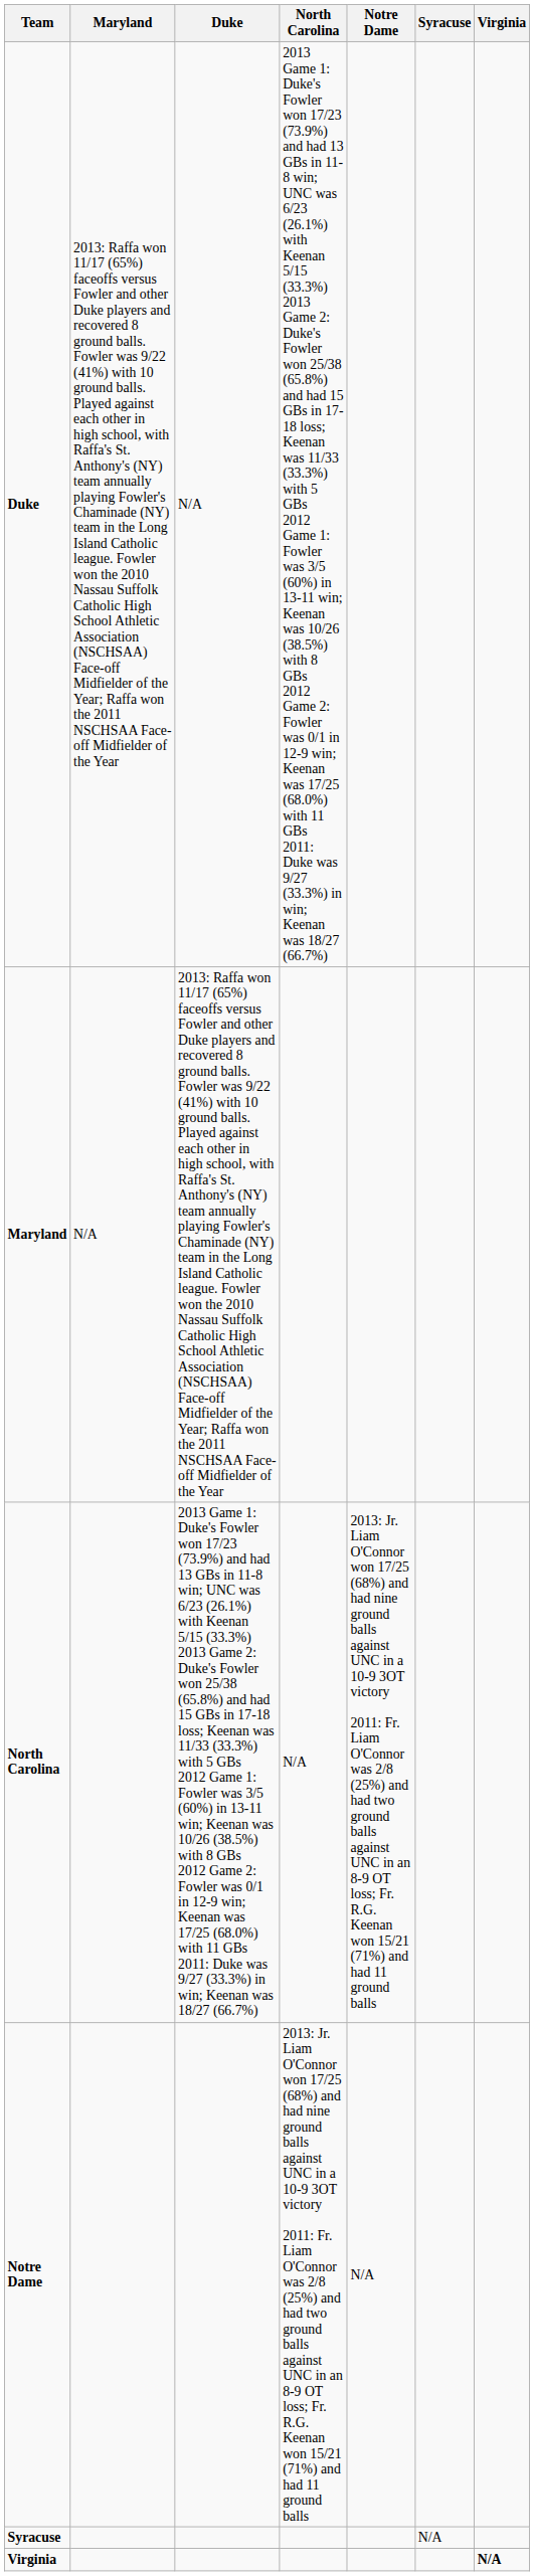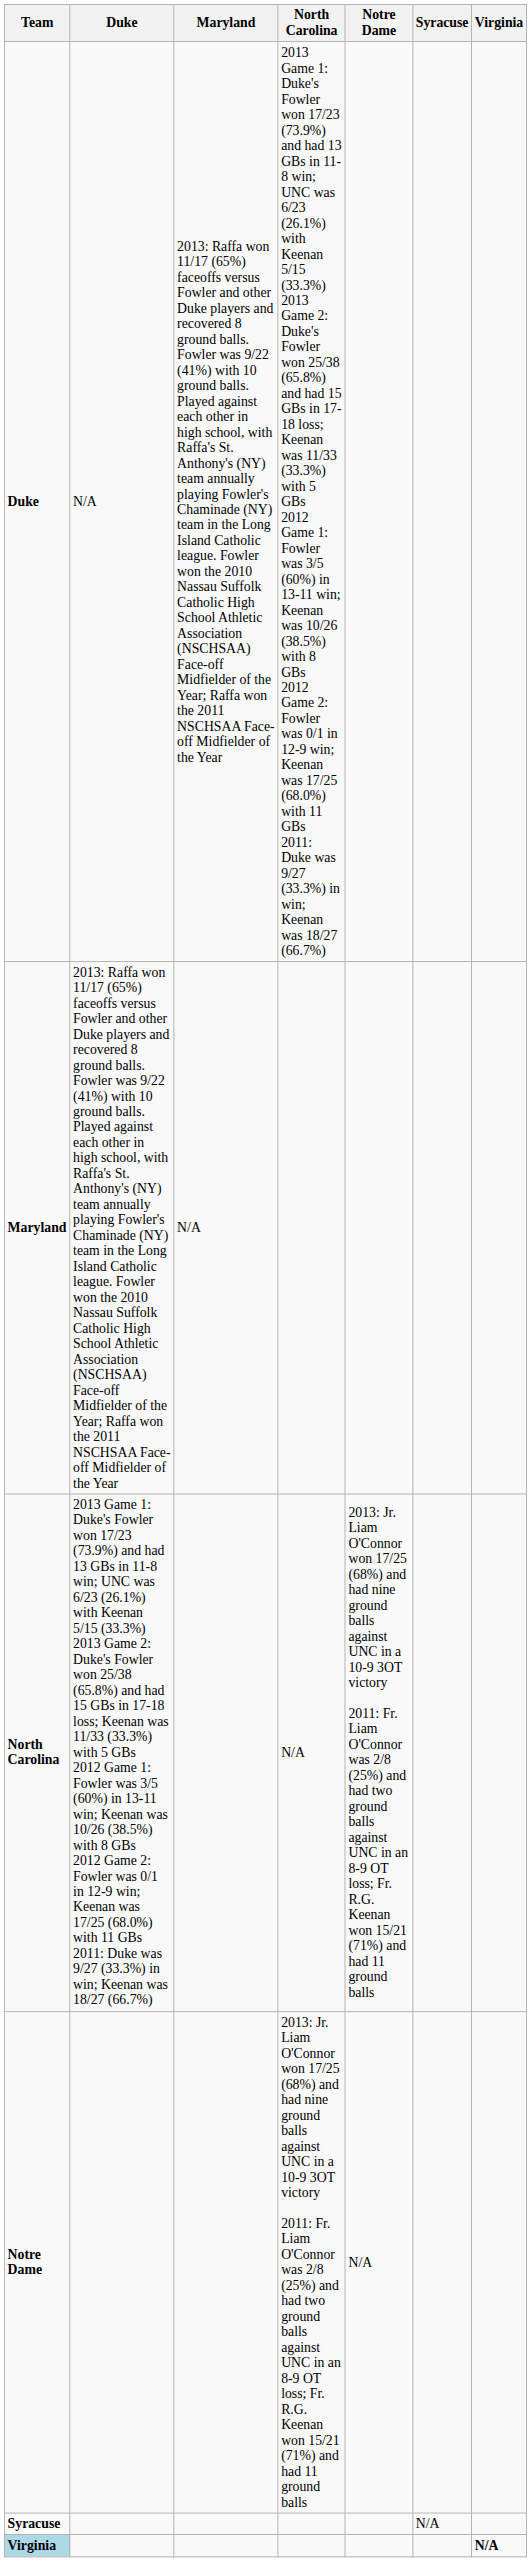 <table class="wikitable">
 <tr ;>
 <th>Team</th>
+<th>Duke</th>
 <th>Maryland</th>
-<th>Duke</th>
 <th>North Carolina</th>
 <th>Notre Dame</th>
 <th>Syracuse</th>
 <th>Virginia</th>
 </tr>
 <tr>
 <td><strong>Duke</strong></td>
+<td>N/A</td>
 <td>2013: Raffa won 11/17 (65%) faceoffs versus Fowler and other Duke players and recovered 8 ground balls. Fowler was 9/22 (41%) with 10 ground balls. Played against each other in high school, with Raffa's St. Anthony's (NY) team annually playing Fowler's Chaminade (NY) team in the Long Island Catholic league. Fowler won the 2010 Nassau Suffolk Catholic High School Athletic Association (NSCHSAA) Face-off Midfielder of the Year; Raffa won the 2011 NSCHSAA Face-off Midfielder of the Year</td>
-<td>N/A</td>
 <td>2013 Game 1: Duke's Fowler won 17/23 (73.9%) and had 13 GBs in 11-8 win; UNC was 6/23 (26.1%) with Keenan 5/15 (33.3%)<br>2013 Game 2: Duke's Fowler won 25/38 (65.8%) and had 15 GBs in 17-18 loss; Keenan was 11/33 (33.3%) with 5 GBs <br>2012 Game 1: Fowler was 3/5 (60%) in 13-11 win; Keenan was 10/26 (38.5%) with 8 GBs<br>2012 Game 2: Fowler was 0/1 in 12-9 win; Keenan was 17/25 (68.0%) with 11 GBs<br>2011: Duke was 9/27 (33.3%) in win; Keenan was 18/27 (66.7%)</td>
 <td></td>
 <td></td>
 <td></td>
 </tr>
 <tr>
 <td><strong>Maryland</strong></td>
+<td>2013: Raffa won 11/17 (65%) faceoffs versus Fowler and other Duke players and recovered 8 ground balls. Fowler was 9/22 (41%) with 10 ground balls. Played against each other in high school, with Raffa's St. Anthony's (NY) team annually playing Fowler's Chaminade (NY) team in the Long Island Catholic league. Fowler won the 2010 Nassau Suffolk Catholic High School Athletic Association (NSCHSAA) Face-off Midfielder of the Year; Raffa won the 2011 NSCHSAA Face-off Midfielder of the Year</td>
 <td>N/A</td>
-<td>2013: Raffa won 11/17 (65%) faceoffs versus Fowler and other Duke players and recovered 8 ground balls. Fowler was 9/22 (41%) with 10 ground balls. Played against each other in high school, with Raffa's St. Anthony's (NY) team annually playing Fowler's Chaminade (NY) team in the Long Island Catholic league. Fowler won the 2010 Nassau Suffolk Catholic High School Athletic Association (NSCHSAA) Face-off Midfielder of the Year; Raffa won the 2011 NSCHSAA Face-off Midfielder of the Year</td>
 <td></td>
 <td></td>
 <td></td>
 <td></td>
 </tr>
 <tr>
 <td><strong>North Carolina</strong></td>
+<td>2013 Game 1: Duke's Fowler won 17/23 (73.9%) and had 13 GBs in 11-8 win; UNC was 6/23 (26.1%) with Keenan 5/15 (33.3%)<br>2013 Game 2: Duke's Fowler won 25/38 (65.8%) and had 15 GBs in 17-18 loss; Keenan was 11/33 (33.3%) with 5 GBs <br>2012 Game 1: Fowler was 3/5 (60%) in 13-11 win; Keenan was 10/26 (38.5%) with 8 GBs<br>2012 Game 2: Fowler was 0/1 in 12-9 win; Keenan was 17/25 (68.0%) with 11 GBs<br>2011: Duke was 9/27 (33.3%) in win; Keenan was 18/27 (66.7%)</td>
 <td></td>
-<td>2013 Game 1: Duke's Fowler won 17/23 (73.9%) and had 13 GBs in 11-8 win; UNC was 6/23 (26.1%) with Keenan 5/15 (33.3%)<br>2013 Game 2: Duke's Fowler won 25/38 (65.8%) and had 15 GBs in 17-18 loss; Keenan was 11/33 (33.3%) with 5 GBs <br>2012 Game 1: Fowler was 3/5 (60%) in 13-11 win; Keenan was 10/26 (38.5%) with 8 GBs<br>2012 Game 2: Fowler was 0/1 in 12-9 win; Keenan was 17/25 (68.0%) with 11 GBs<br>2011: Duke was 9/27 (33.3%) in win; Keenan was 18/27 (66.7%)</td>
 <td>N/A</td>
 <td>2013: Jr. Liam O'Connor won 17/25 (68%) and had nine ground balls against UNC in a 10-9 3OT victory<br><br>2011: Fr. Liam O'Connor was 2/8 (25%) and had two ground balls against UNC in an 8-9 OT loss; Fr. R.G. Keenan won 15/21 (71%) and had 11 ground balls</td>
 <td></td>
 <td></td>
 </tr>
 <tr>
 <td><strong>Notre Dame</strong></td>
 <td></td>
 <td></td>
 <td>2013: Jr. Liam O'Connor won 17/25 (68%) and had nine ground balls against UNC in a 10-9 3OT victory<br><br>2011: Fr. Liam O'Connor was 2/8 (25%) and had two ground balls against UNC in an 8-9 OT loss; Fr. R.G. Keenan won 15/21 (71%) and had 11 ground balls</td>
 <td>N/A</td>
 <td></td>
 <td></td>
 </tr>
 <tr>
 <td><strong>Syracuse</strong></td>
 <td></td>
 <td></td>
 <td></td>
 <td></td>
 <td>N/A</td>
 <td></td>
 </tr>
 <tr>
-<td><strong>Virginia</strong></td>
+<td style="background: lightblue;"><strong>Virginia</strong></td>
 <td></td>
 <td></td>
 <td></td>
 <td></td>
 <td></td>
 <td><strong>N/A</strong></td>
 </tr>
 </table>
